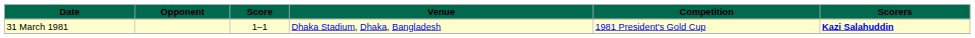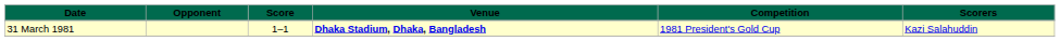 <table class="wikitable" width=100% style="text-align:left;font-size:95%;">
 <tr>
 <th style="background:#006a4e;"><span>Date</span></th>
 <th style="background:#006a4e;"><span>Opponent</span></th>
 <th style="background:#006a4e;"><span>Score</span></th>
 <th style="background:#006a4e;"><span>Venue</span></th>
 <th style="background:#006a4e;"><span>Competition</span></th>
 <th style="background:#006a4e;"><span>Scorers</span></th>
 </tr>
 <tr>
 </tr>
 <tr style="background:#ffc;">
 <td>31 March 1981</td>
 <td></td>
 <td style="text-align: center">1–1</td>
-<td> <a href='#'>Dhaka Stadium</a>, <a href='#'>Dhaka</a>, <a href='#'>Bangladesh</a></td>
+<td><strong> <a href='#'>Dhaka Stadium</a>, <a href='#'>Dhaka</a>, <a href='#'>Bangladesh</a></strong></td>
 <td><a href='#'>1981 President's Gold Cup</a></td>
-<td><strong><a href='#'>Kazi Salahuddin</a> </strong></td>
+<td><a href='#'>Kazi Salahuddin</a> </td>
 </tr>
 <tr>
 </tr>
 </table>
